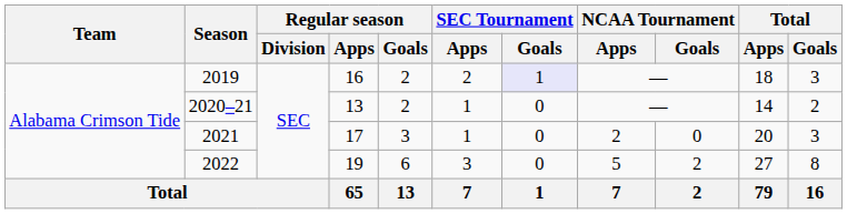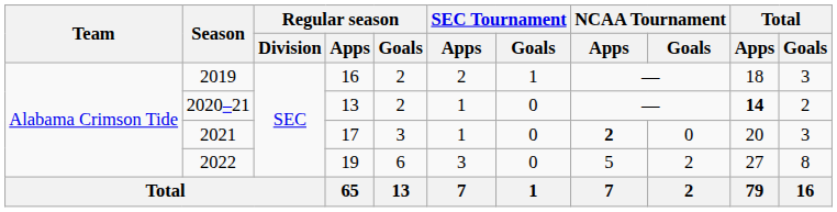 <table class="wikitable" style="text-align: center;">
 <tr>
 <th rowspan="2">Team</th>
 <th rowspan="2">Season</th>
 <th colspan="3">Regular season</th>
 <th colspan="2"><a href='#'>SEC Tournament</a></th>
 <th colspan="2">NCAA Tournament</th>
 <th colspan="2">Total</th>
 </tr>
 <tr>
 <th>Division</th>
 <th>Apps</th>
 <th>Goals</th>
 <th>Apps</th>
 <th>Goals</th>
 <th>Apps</th>
 <th>Goals</th>
 <th>Apps</th>
 <th>Goals</th>
 </tr>
 <tr>
 <td rowspan="4"><a href='#'>Alabama Crimson Tide</a></td>
 <td>2019</td>
 <td rowspan="4"><a href='#'>SEC</a></td>
 <td>16</td>
 <td>2</td>
 <td>2</td>
-<td style="background: lavender;">1</td>
+<td>1</td>
 <td colspan="2">—</td>
 <td>18</td>
 <td>3</td>
 </tr>
 <tr>
 <td>2020<a href='#'>–</a>21</td>
 <td>13</td>
 <td>2</td>
 <td>1</td>
 <td>0</td>
 <td colspan="2">—</td>
-<td>14</td>
+<td><strong>14</strong></td>
 <td>2</td>
 </tr>
 <tr>
 <td>2021</td>
 <td>17</td>
 <td>3</td>
 <td>1</td>
 <td>0</td>
-<td>2</td>
+<td><strong>2</strong></td>
 <td>0</td>
 <td>20</td>
 <td>3</td>
 </tr>
 <tr>
 <td>2022</td>
 <td>19</td>
 <td>6</td>
 <td>3</td>
 <td>0</td>
 <td>5</td>
 <td>2</td>
 <td>27</td>
 <td>8</td>
 </tr>
 <tr>
 <th colspan="3">Total</th>
 <th>65</th>
 <th>13</th>
 <th>7</th>
 <th>1</th>
 <th>7</th>
 <th>2</th>
 <th>79</th>
 <th>16</th>
 </tr>
 </table>
